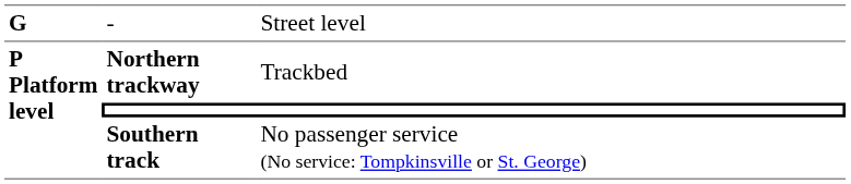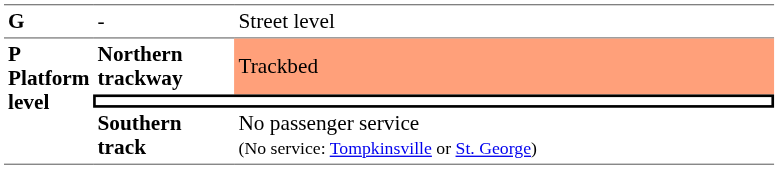 <table border=0 cellspacing=0 cellpadding=3>
 <tr>
 <td style="border-top:solid 1px gray;border-bottom:solid 1px gray;" width=50><strong>G</strong></td>
 <td style="border-top:solid 1px gray;border-bottom:solid 1px gray;" width=100>-</td>
 <td style="border-top:solid 1px gray;border-bottom:solid 1px gray;" width=400>Street level</td>
 </tr>
 <tr>
 <td style="border-top:solid 0px gray;border-bottom:solid 1px gray;" width=50 rowspan=3 valign=top><strong>P<br>Platform level</strong></td>
 <td style="border-top:solid 0px gray;"><strong>Northern trackway</strong></td>
-<td style="border-top:solid 0px gray;">Trackbed</td>
+<td style="background: lightsalmon; border-top:solid 0px gray;">Trackbed</td>
 </tr>
 <tr>
 <td style="border-right:solid 2px black;border-left:solid 2px black;border-top:solid 2px black;border-bottom:solid 2px black;text-align:center;" colspan=2></td>
 </tr>
 <tr>
 <td style="border-bottom:solid 1px gray;"><strong>Southern track</strong></td>
 <td style="border-bottom:solid 1px gray;">No passenger service<br><small>(No service: <a href='#'>Tompkinsville</a> or <a href='#'>St. George</a>)</small></td>
 </tr>
 </table>
